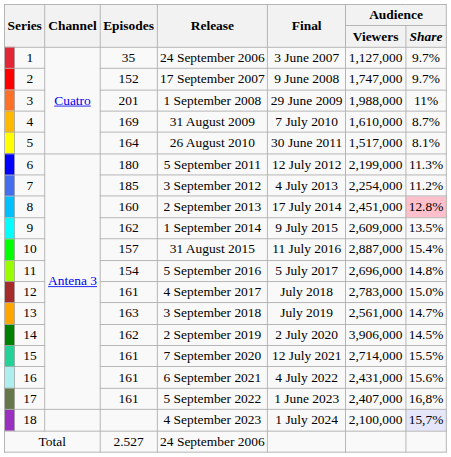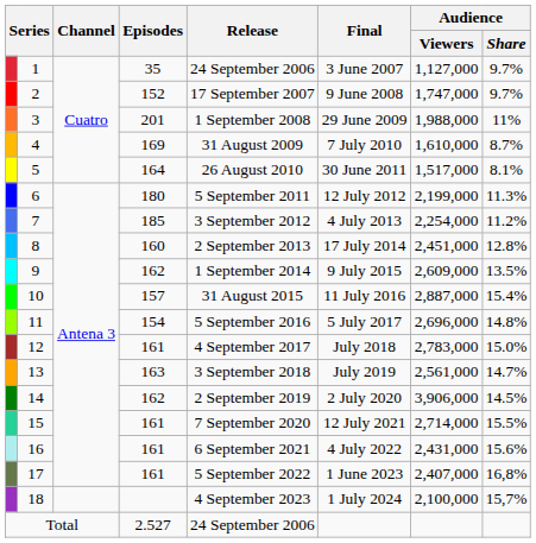 <table class="wikitable" style="text-align:center;">
 <tr>
 <th colspan="2" rowspan="2">Series</th>
 <th ! rowspan="2">Channel</th>
 <th ! rowspan="2">Episodes</th>
 <th ! rowspan="2">Release</th>
 <th ! rowspan="2">Final</th>
 <th colspan="2" !>Audience</th>
 </tr>
 <tr>
 <th>Viewers</th>
 <th><em>Share</em></th>
 </tr>
 <tr>
 <td style="width:5px; background:#e32636;"></td>
 <td>1</td>
 <td rowspan="5"><a href='#'>Cuatro</a></td>
 <td>35</td>
 <td>24 September 2006</td>
 <td>3 June 2007</td>
 <td>1,127,000</td>
 <td>9.7%</td>
 </tr>
 <tr>
 <td style="width:5px; background:#f00;"></td>
 <td>2</td>
 <td>152</td>
 <td>17 September 2007</td>
 <td>9 June 2008</td>
 <td>1,747,000</td>
 <td>9.7%</td>
 </tr>
 <tr>
 <td style="width:5px; background:#ff7028;"></td>
 <td>3</td>
 <td>201</td>
 <td>1 September 2008</td>
 <td>29 June 2009</td>
 <td>1,988,000</td>
 <td>11%</td>
 </tr>
 <tr>
 <td style="width:5px; background:#ffba00;"></td>
 <td>4</td>
 <td>169</td>
 <td>31 August 2009</td>
 <td>7 July 2010</td>
 <td>1,610,000</td>
 <td>8.7%</td>
 </tr>
 <tr>
 <td style="width:5px; background:#ff0;"></td>
 <td>5</td>
 <td>164</td>
 <td>26 August 2010</td>
 <td>30 June 2011</td>
 <td>1,517,000</td>
 <td>8.1%</td>
 </tr>
 <tr>
 <td style="width:5px; background:#00f;"></td>
 <td>6</td>
 <td rowspan="12"><a href='#'>Antena 3</a></td>
 <td>180</td>
 <td>5 September 2011</td>
 <td>12 July 2012</td>
 <td>2,199,000</td>
 <td>11.3%</td>
 </tr>
 <tr>
 <td style="width:5px; background:#446eee;"></td>
 <td>7</td>
 <td>185</td>
 <td>3 September 2012</td>
 <td>4 July 2013</td>
 <td>2,254,000</td>
 <td>11.2%</td>
 </tr>
 <tr>
 <td style="width:5px; background:#00bfff;"></td>
 <td>8</td>
 <td>160</td>
 <td>2 September 2013</td>
 <td>17 July 2014</td>
 <td>2,451,000</td>
-<td style="background: pink;">12.8%</td>
+<td>12.8%</td>
 </tr>
 <tr>
 <td style="width:5px; background:#0ff;"></td>
 <td>9</td>
 <td>162</td>
 <td>1 September 2014</td>
 <td>9 July 2015</td>
 <td>2,609,000</td>
 <td>13.5%</td>
 </tr>
 <tr>
 <td style="width:5px; background:#0f0;"></td>
 <td>10</td>
 <td>157</td>
 <td>31 August 2015</td>
 <td>11 July 2016</td>
 <td>2,887,000</td>
 <td>15.4%</td>
 </tr>
 <tr>
 <td style="width:5px; background:#9f0;"></td>
 <td>11</td>
 <td>154</td>
 <td>5 September 2016</td>
 <td>5 July 2017</td>
 <td>2,696,000</td>
 <td>14.8%</td>
 </tr>
 <tr>
 <td style="width:5px; background:brown;"></td>
 <td>12</td>
 <td>161</td>
 <td>4 September 2017</td>
 <td>July 2018</td>
 <td>2,783,000</td>
 <td>15.0%</td>
 </tr>
 <tr>
 <td style="width:5px;      background:orange;"></td>
 <td>13</td>
 <td>163</td>
 <td>3 September 2018</td>
 <td>July 2019</td>
 <td>2,561,000</td>
 <td>14.7%</td>
 </tr>
 <tr>
 <td style="width:5px;      background:green;"></td>
 <td>14</td>
 <td>162</td>
 <td>2 September 2019</td>
 <td>2 July 2020</td>
 <td>3,906,000</td>
 <td>14.5%</td>
 </tr>
 <tr>
 <td style="width:5px;      background:#24d197;"></td>
 <td>15</td>
 <td>161</td>
 <td>7 September 2020</td>
 <td>12 July 2021</td>
 <td>2,714,000</td>
 <td>15.5%</td>
 </tr>
 <tr>
 <td style="width:5px;      background:#afeeee;"></td>
 <td>16</td>
 <td>161</td>
 <td>6 September 2021</td>
 <td>4 July 2022</td>
 <td>2,431,000</td>
 <td>15.6%</td>
 </tr>
 <tr>
 <td style="width:5px;      background:#64784a;"></td>
 <td>17</td>
 <td>161</td>
 <td>5 September 2022</td>
 <td>1 June 2023</td>
 <td>2,407,000</td>
 <td>16,8%</td>
 </tr>
 <tr>
 <td style="width:5px;      background:#9930bf;"></td>
 <td>18</td>
 <td></td>
 <td></td>
 <td>4 September 2023</td>
 <td>1 July 2024</td>
 <td>2,100,000</td>
-<td style="background: lavender;">15,7%</td>
+<td>15,7%</td>
 </tr>
 <tr>
 <td colspan="3">Total</td>
 <td>2.527</td>
 <td>24 September 2006</td>
 <td></td>
 <td></td>
 <td></td>
 </tr>
 </table>
